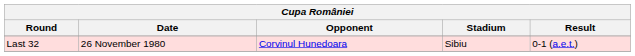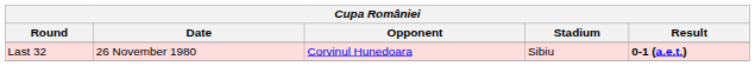 <table class="wikitable" style="width:80%;">
 <tr>
 <th colspan="5" style="text-align:center;"><em>Cupa României</em></th>
 </tr>
 <tr>
 <th>Round</th>
 <th>Date</th>
 <th>Opponent</th>
 <th>Stadium</th>
 <th>Result</th>
 </tr>
 <tr>
 </tr>
 <tr bgcolor="#ffdddd">
 <td>Last 32</td>
 <td>26 November 1980</td>
 <td><a href='#'>Corvinul Hunedoara</a></td>
 <td>Sibiu</td>
-<td>0-1 (<a href='#'>a.e.t.</a>)</td>
+<td><strong>0-1 (<a href='#'>a.e.t.</a>)</strong></td>
 </tr>
 <tr>
 </tr>
 </table>
